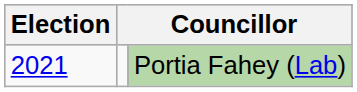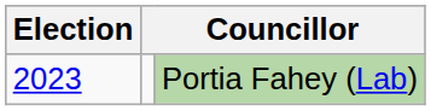 <table class="wikitable">
 <tr>
 <th>Election</th>
 <th colspan="2">Councillor</th>
 </tr>
 <tr>
-<td><a href='#'>2021</a></td>
+<td><a href='#'>2023</a></td>
 <td style="background-color: "></td>
 <td bgcolor="#B6D7A8">Portia Fahey (<a href='#'>Lab</a>)</td>
 </tr>
 </table>
